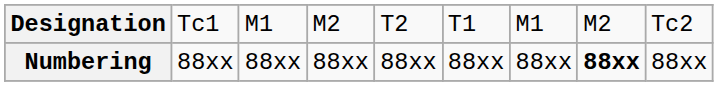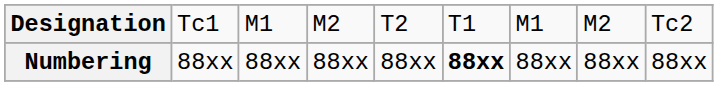 <table class="wikitable">
 <tr>
 <th>Designation</th>
 <td>Tc1</td>
 <td>M1</td>
 <td>M2</td>
 <td>T2</td>
 <td>T1</td>
 <td>M1</td>
 <td>M2</td>
 <td>Tc2</td>
 </tr>
 <tr>
 <th>Numbering</th>
 <td>88xx</td>
 <td>88xx</td>
 <td>88xx</td>
 <td>88xx</td>
+<td><strong>88xx</strong></td>
 <td>88xx</td>
 <td>88xx</td>
-<td><strong>88xx</strong></td>
 <td>88xx</td>
 </tr>
 </table>
